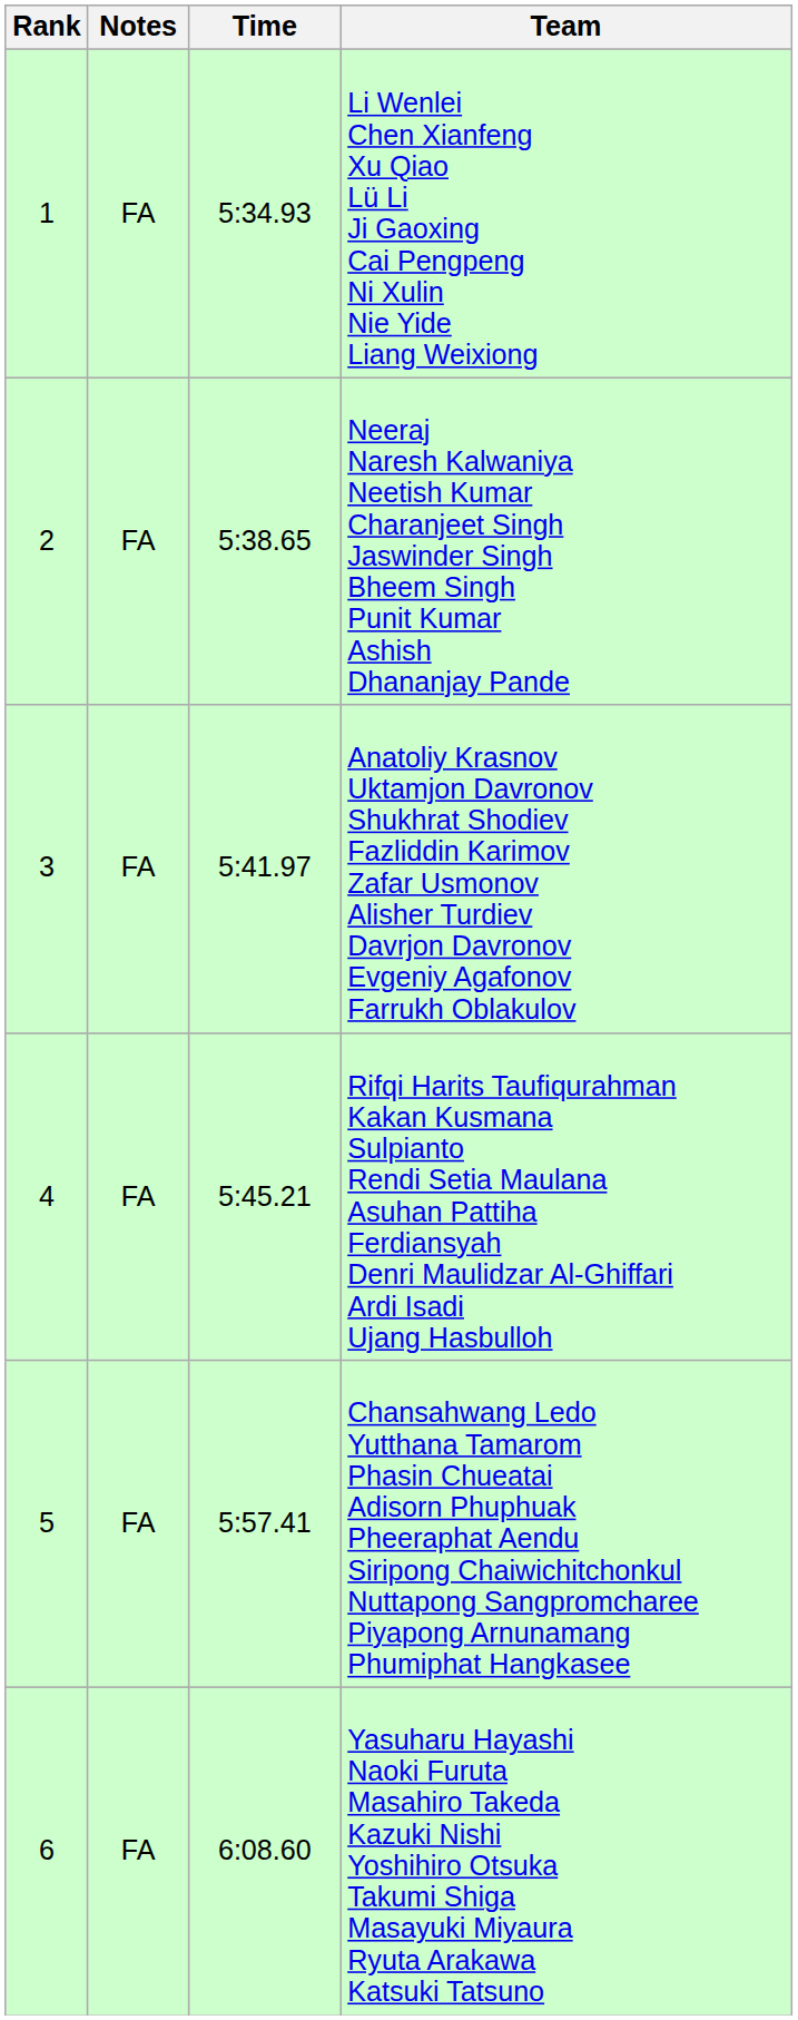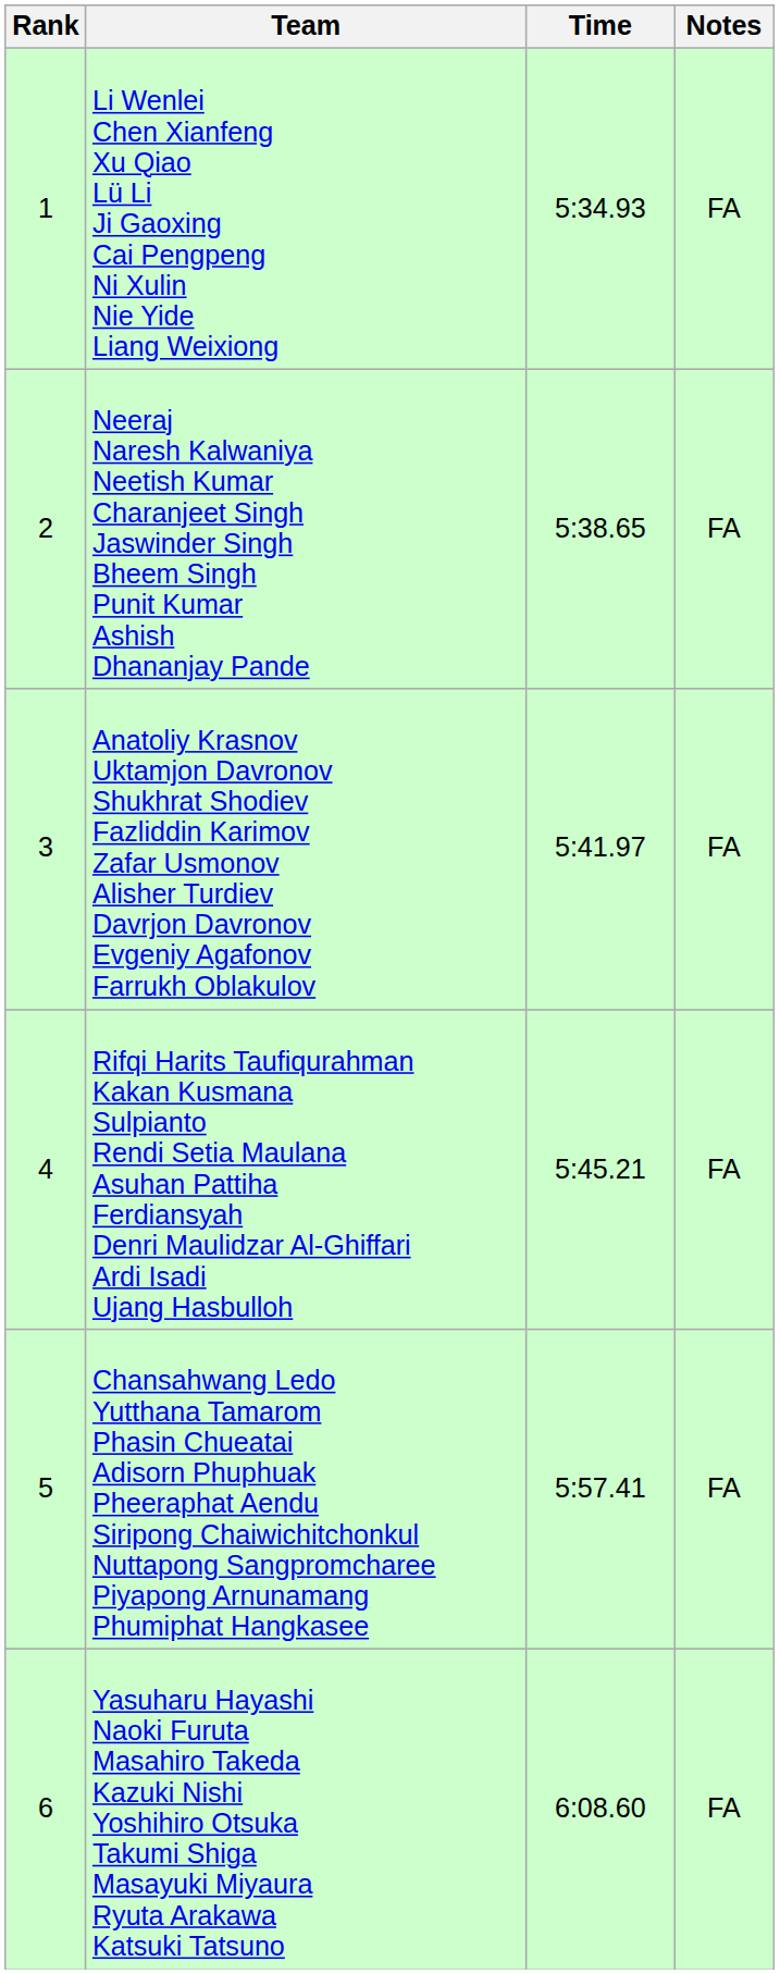 <table class=wikitable style="text-align:center">
 <tr>
 <th width=40>Rank</th>
+<th width=250>Team</th>
+<th width=80>Time</th>
 <th width=50>Notes</th>
-<th width=80>Time</th>
-<th width=250>Team</th>
 </tr>
 <tr bgcolor="ccffcc">
 <td>1</td>
+<td align="left"><br><a href='#'>Li Wenlei</a><br><a href='#'>Chen Xianfeng</a><br><a href='#'>Xu Qiao</a><br><a href='#'>Lü Li</a><br><a href='#'>Ji Gaoxing</a><br><a href='#'>Cai Pengpeng</a><br><a href='#'>Ni Xulin</a><br><a href='#'>Nie Yide</a><br><a href='#'>Liang Weixiong</a></td>
+<td>5:34.93</td>
 <td>FA</td>
-<td>5:34.93</td>
-<td align="left"><br><a href='#'>Li Wenlei</a><br><a href='#'>Chen Xianfeng</a><br><a href='#'>Xu Qiao</a><br><a href='#'>Lü Li</a><br><a href='#'>Ji Gaoxing</a><br><a href='#'>Cai Pengpeng</a><br><a href='#'>Ni Xulin</a><br><a href='#'>Nie Yide</a><br><a href='#'>Liang Weixiong</a></td>
 </tr>
 <tr bgcolor="ccffcc">
 <td>2</td>
+<td align="left"><br><a href='#'>Neeraj</a><br><a href='#'>Naresh Kalwaniya</a><br><a href='#'>Neetish Kumar</a><br><a href='#'>Charanjeet Singh</a><br><a href='#'>Jaswinder Singh</a><br><a href='#'>Bheem Singh</a><br><a href='#'>Punit Kumar</a><br><a href='#'>Ashish</a><br><a href='#'>Dhananjay Pande</a></td>
+<td>5:38.65</td>
 <td>FA</td>
-<td>5:38.65</td>
-<td align="left"><br><a href='#'>Neeraj</a><br><a href='#'>Naresh Kalwaniya</a><br><a href='#'>Neetish Kumar</a><br><a href='#'>Charanjeet Singh</a><br><a href='#'>Jaswinder Singh</a><br><a href='#'>Bheem Singh</a><br><a href='#'>Punit Kumar</a><br><a href='#'>Ashish</a><br><a href='#'>Dhananjay Pande</a></td>
 </tr>
 <tr bgcolor="ccffcc">
 <td>3</td>
+<td align="left"><br><a href='#'>Anatoliy Krasnov</a><br><a href='#'>Uktamjon Davronov</a><br><a href='#'>Shukhrat Shodiev</a><br><a href='#'>Fazliddin Karimov</a><br><a href='#'>Zafar Usmonov</a><br><a href='#'>Alisher Turdiev</a><br><a href='#'>Davrjon Davronov</a><br><a href='#'>Evgeniy Agafonov</a><br><a href='#'>Farrukh Oblakulov</a></td>
+<td>5:41.97</td>
 <td>FA</td>
-<td>5:41.97</td>
-<td align="left"><br><a href='#'>Anatoliy Krasnov</a><br><a href='#'>Uktamjon Davronov</a><br><a href='#'>Shukhrat Shodiev</a><br><a href='#'>Fazliddin Karimov</a><br><a href='#'>Zafar Usmonov</a><br><a href='#'>Alisher Turdiev</a><br><a href='#'>Davrjon Davronov</a><br><a href='#'>Evgeniy Agafonov</a><br><a href='#'>Farrukh Oblakulov</a></td>
 </tr>
 <tr bgcolor="ccffcc">
 <td>4</td>
+<td align="left"><br><a href='#'>Rifqi Harits Taufiqurahman</a><br><a href='#'>Kakan Kusmana</a><br><a href='#'>Sulpianto</a><br><a href='#'>Rendi Setia Maulana</a><br><a href='#'>Asuhan Pattiha</a><br><a href='#'>Ferdiansyah</a><br><a href='#'>Denri Maulidzar Al-Ghiffari</a><br><a href='#'>Ardi Isadi</a><br><a href='#'>Ujang Hasbulloh</a></td>
+<td>5:45.21</td>
 <td>FA</td>
-<td>5:45.21</td>
-<td align="left"><br><a href='#'>Rifqi Harits Taufiqurahman</a><br><a href='#'>Kakan Kusmana</a><br><a href='#'>Sulpianto</a><br><a href='#'>Rendi Setia Maulana</a><br><a href='#'>Asuhan Pattiha</a><br><a href='#'>Ferdiansyah</a><br><a href='#'>Denri Maulidzar Al-Ghiffari</a><br><a href='#'>Ardi Isadi</a><br><a href='#'>Ujang Hasbulloh</a></td>
 </tr>
 <tr bgcolor="ccffcc">
 <td>5</td>
+<td align="left"><br><a href='#'>Chansahwang Ledo</a><br><a href='#'>Yutthana Tamarom</a><br><a href='#'>Phasin Chueatai</a><br><a href='#'>Adisorn Phuphuak</a><br><a href='#'>Pheeraphat Aendu</a><br><a href='#'>Siripong Chaiwichitchonkul</a><br><a href='#'>Nuttapong Sangpromcharee</a><br><a href='#'>Piyapong Arnunamang</a><br><a href='#'>Phumiphat Hangkasee</a></td>
+<td>5:57.41</td>
 <td>FA</td>
-<td>5:57.41</td>
-<td align="left"><br><a href='#'>Chansahwang Ledo</a><br><a href='#'>Yutthana Tamarom</a><br><a href='#'>Phasin Chueatai</a><br><a href='#'>Adisorn Phuphuak</a><br><a href='#'>Pheeraphat Aendu</a><br><a href='#'>Siripong Chaiwichitchonkul</a><br><a href='#'>Nuttapong Sangpromcharee</a><br><a href='#'>Piyapong Arnunamang</a><br><a href='#'>Phumiphat Hangkasee</a></td>
 </tr>
 <tr bgcolor="ccffcc">
 <td>6</td>
+<td align="left"><br><a href='#'>Yasuharu Hayashi</a><br><a href='#'>Naoki Furuta</a><br><a href='#'>Masahiro Takeda</a><br><a href='#'>Kazuki Nishi</a><br><a href='#'>Yoshihiro Otsuka</a><br><a href='#'>Takumi Shiga</a><br><a href='#'>Masayuki Miyaura</a><br><a href='#'>Ryuta Arakawa</a><br><a href='#'>Katsuki Tatsuno</a></td>
+<td>6:08.60</td>
 <td>FA</td>
-<td>6:08.60</td>
-<td align="left"><br><a href='#'>Yasuharu Hayashi</a><br><a href='#'>Naoki Furuta</a><br><a href='#'>Masahiro Takeda</a><br><a href='#'>Kazuki Nishi</a><br><a href='#'>Yoshihiro Otsuka</a><br><a href='#'>Takumi Shiga</a><br><a href='#'>Masayuki Miyaura</a><br><a href='#'>Ryuta Arakawa</a><br><a href='#'>Katsuki Tatsuno</a></td>
 </tr>
 </table>
